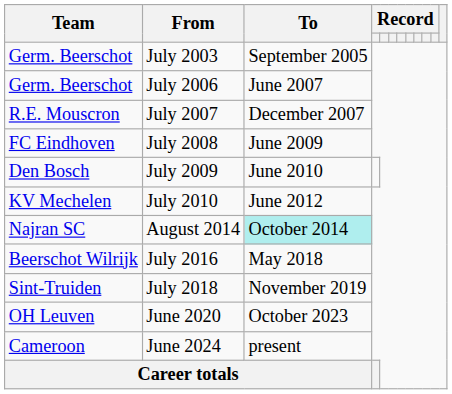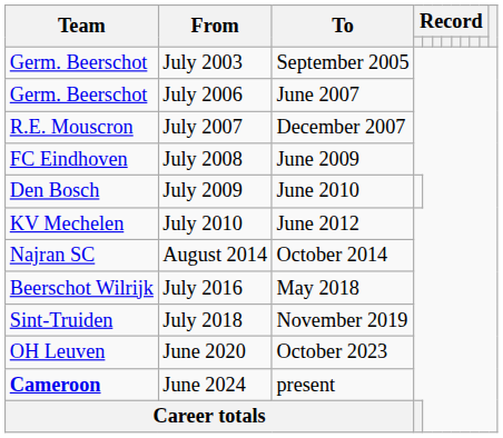 <table class="wikitable">
 <tr>
 <th rowspan="2">Team</th>
 <th rowspan="2">From</th>
 <th rowspan="2">To</th>
 <th colspan="8">Record</th>
 <th rowspan="2"></th>
 </tr>
 <tr>
 <th></th>
 <th></th>
 <th></th>
 <th></th>
 <th></th>
 <th></th>
 <th></th>
 <th></th>
 </tr>
 <tr>
 <td><a href='#'>Germ. Beerschot</a></td>
 <td>July 2003</td>
 <td>September 2005<br></td>
 </tr>
 <tr>
 <td><a href='#'>Germ. Beerschot</a></td>
 <td>July 2006</td>
 <td>June 2007<br></td>
 </tr>
 <tr>
 <td><a href='#'>R.E. Mouscron</a></td>
 <td>July 2007</td>
 <td>December 2007<br></td>
 </tr>
 <tr>
 <td><a href='#'>FC Eindhoven</a></td>
 <td>July 2008</td>
 <td>June 2009<br></td>
 </tr>
 <tr>
 <td><a href='#'>Den Bosch</a></td>
 <td>July 2009</td>
 <td>June 2010<br></td>
 <td></td>
 </tr>
 <tr>
 <td><a href='#'>KV Mechelen</a></td>
 <td>July 2010</td>
 <td>June 2012<br></td>
 </tr>
 <tr>
 <td><a href='#'>Najran SC</a></td>
 <td>August 2014</td>
-<td style="background: paleturquoise;">October 2014<br></td>
+<td>October 2014<br></td>
 </tr>
 <tr>
 <td><a href='#'>Beerschot Wilrijk</a></td>
 <td>July 2016</td>
 <td>May 2018<br></td>
 </tr>
 <tr>
 <td><a href='#'>Sint-Truiden</a></td>
 <td>July 2018</td>
 <td>November 2019<br></td>
 </tr>
 <tr>
 <td><a href='#'>OH Leuven</a></td>
 <td>June 2020</td>
 <td>October 2023<br></td>
 </tr>
 <tr>
-<td><a href='#'>Cameroon</a></td>
+<td><strong><a href='#'>Cameroon</a></strong></td>
 <td>June 2024</td>
 <td>present<br></td>
 </tr>
 <tr>
 <th colspan=3>Career totals<br></th>
 <th></th>
 </tr>
 </table>
